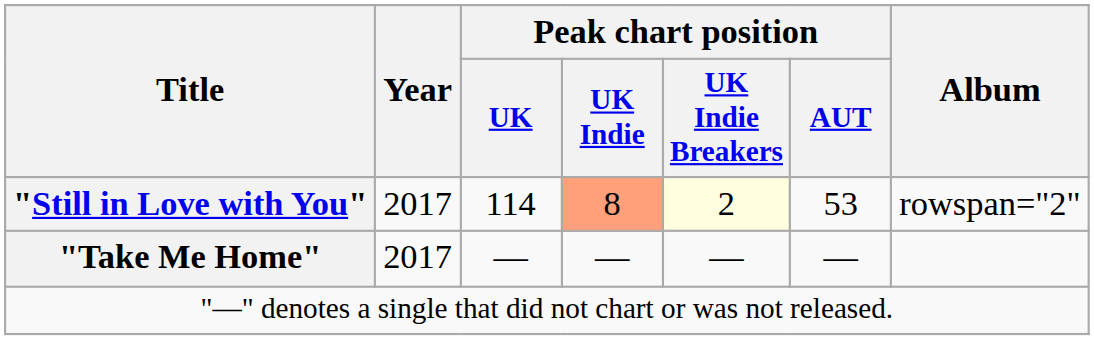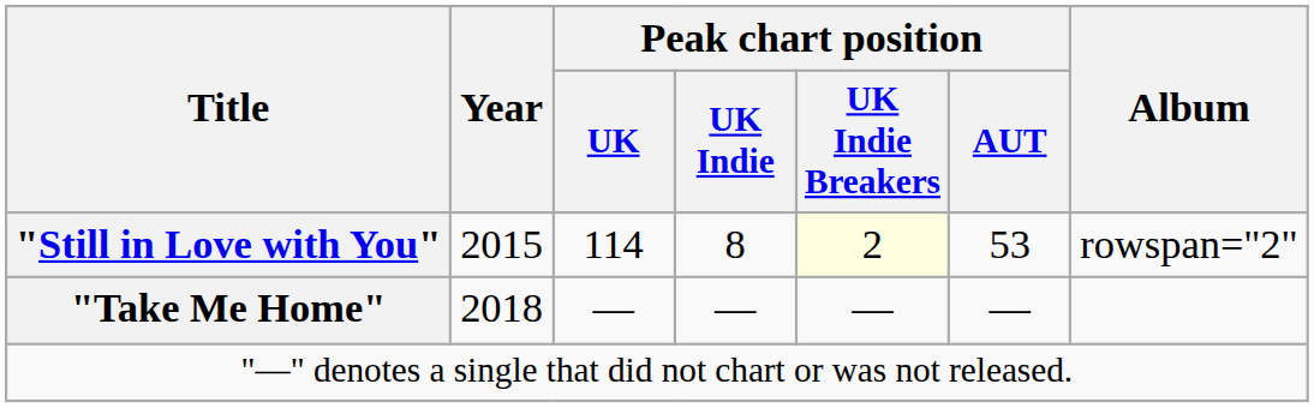 <table class="wikitable plainrowheaders" style="text-align:center;">
 <tr>
 <th scope="col" rowspan="2">Title</th>
 <th scope="col" rowspan="2">Year</th>
 <th scope="col" colspan="4">Peak chart position</th>
 <th scope="col" rowspan="2">Album</th>
 </tr>
 <tr>
 <th scope="col" style="width:3em;font-size:85%;"><a href='#'>UK</a></th>
 <th scope="col" style="width:3em;font-size:85%;"><a href='#'>UK Indie</a></th>
 <th scope="col" style="width:3em;font-size:85%;"><a href='#'>UK Indie Breakers</a></th>
 <th scope="col" style="width:3em;font-size:85%;"><a href='#'>AUT</a><br></th>
 </tr>
 <tr>
 <th scope="row">"<a href='#'>Still in Love with You</a>"</th>
-<td>2017</td>
+<td>2015</td>
 <td>114</td>
-<td style="background: lightsalmon;">8</td>
+<td>8</td>
 <td style="background: lightyellow;">2</td>
 <td>53</td>
 <td>rowspan="2" </td>
 </tr>
 <tr>
 <th scope="row">"Take Me Home"</th>
-<td>2017</td>
+<td>2018</td>
 <td>—</td>
 <td>—</td>
 <td>—</td>
 <td>—</td>
 </tr>
 <tr>
 <td colspan="7" style="font-size:85%">"—" denotes a single that did not chart or was not released.</td>
 </tr>
 </table>
